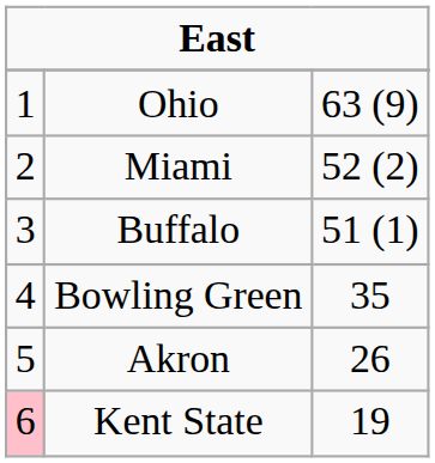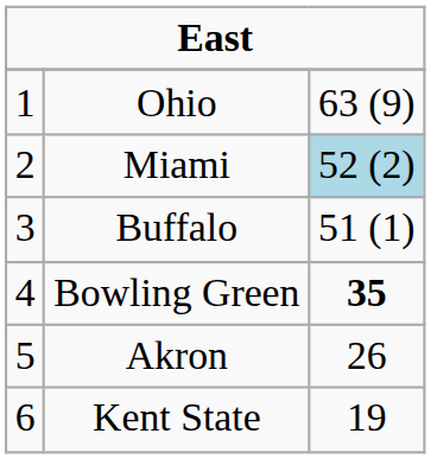 <table class="wikitable" style="display: inline-table;">
 <tr align="center">
 <td align="center" Colspan="3"><strong>East</strong></td>
 </tr>
 <tr align="center">
 </tr>
 <tr align="center">
 <td>1</td>
 <td>Ohio</td>
 <td>63 (9)</td>
 </tr>
 <tr align="center">
 <td>2</td>
 <td>Miami</td>
-<td>52 (2)</td>
+<td style="background: lightblue;">52 (2)</td>
 </tr>
 <tr align="center">
 <td>3</td>
 <td>Buffalo</td>
 <td>51 (1)</td>
 </tr>
 <tr align="center">
 <td>4</td>
 <td>Bowling Green</td>
-<td>35</td>
+<td><strong>35</strong></td>
 </tr>
 <tr align="center">
 <td>5</td>
 <td>Akron</td>
 <td>26</td>
 </tr>
 <tr align="center">
-<td style="background: pink;">6</td>
+<td>6</td>
 <td>Kent State</td>
 <td>19</td>
 </tr>
 </table>
